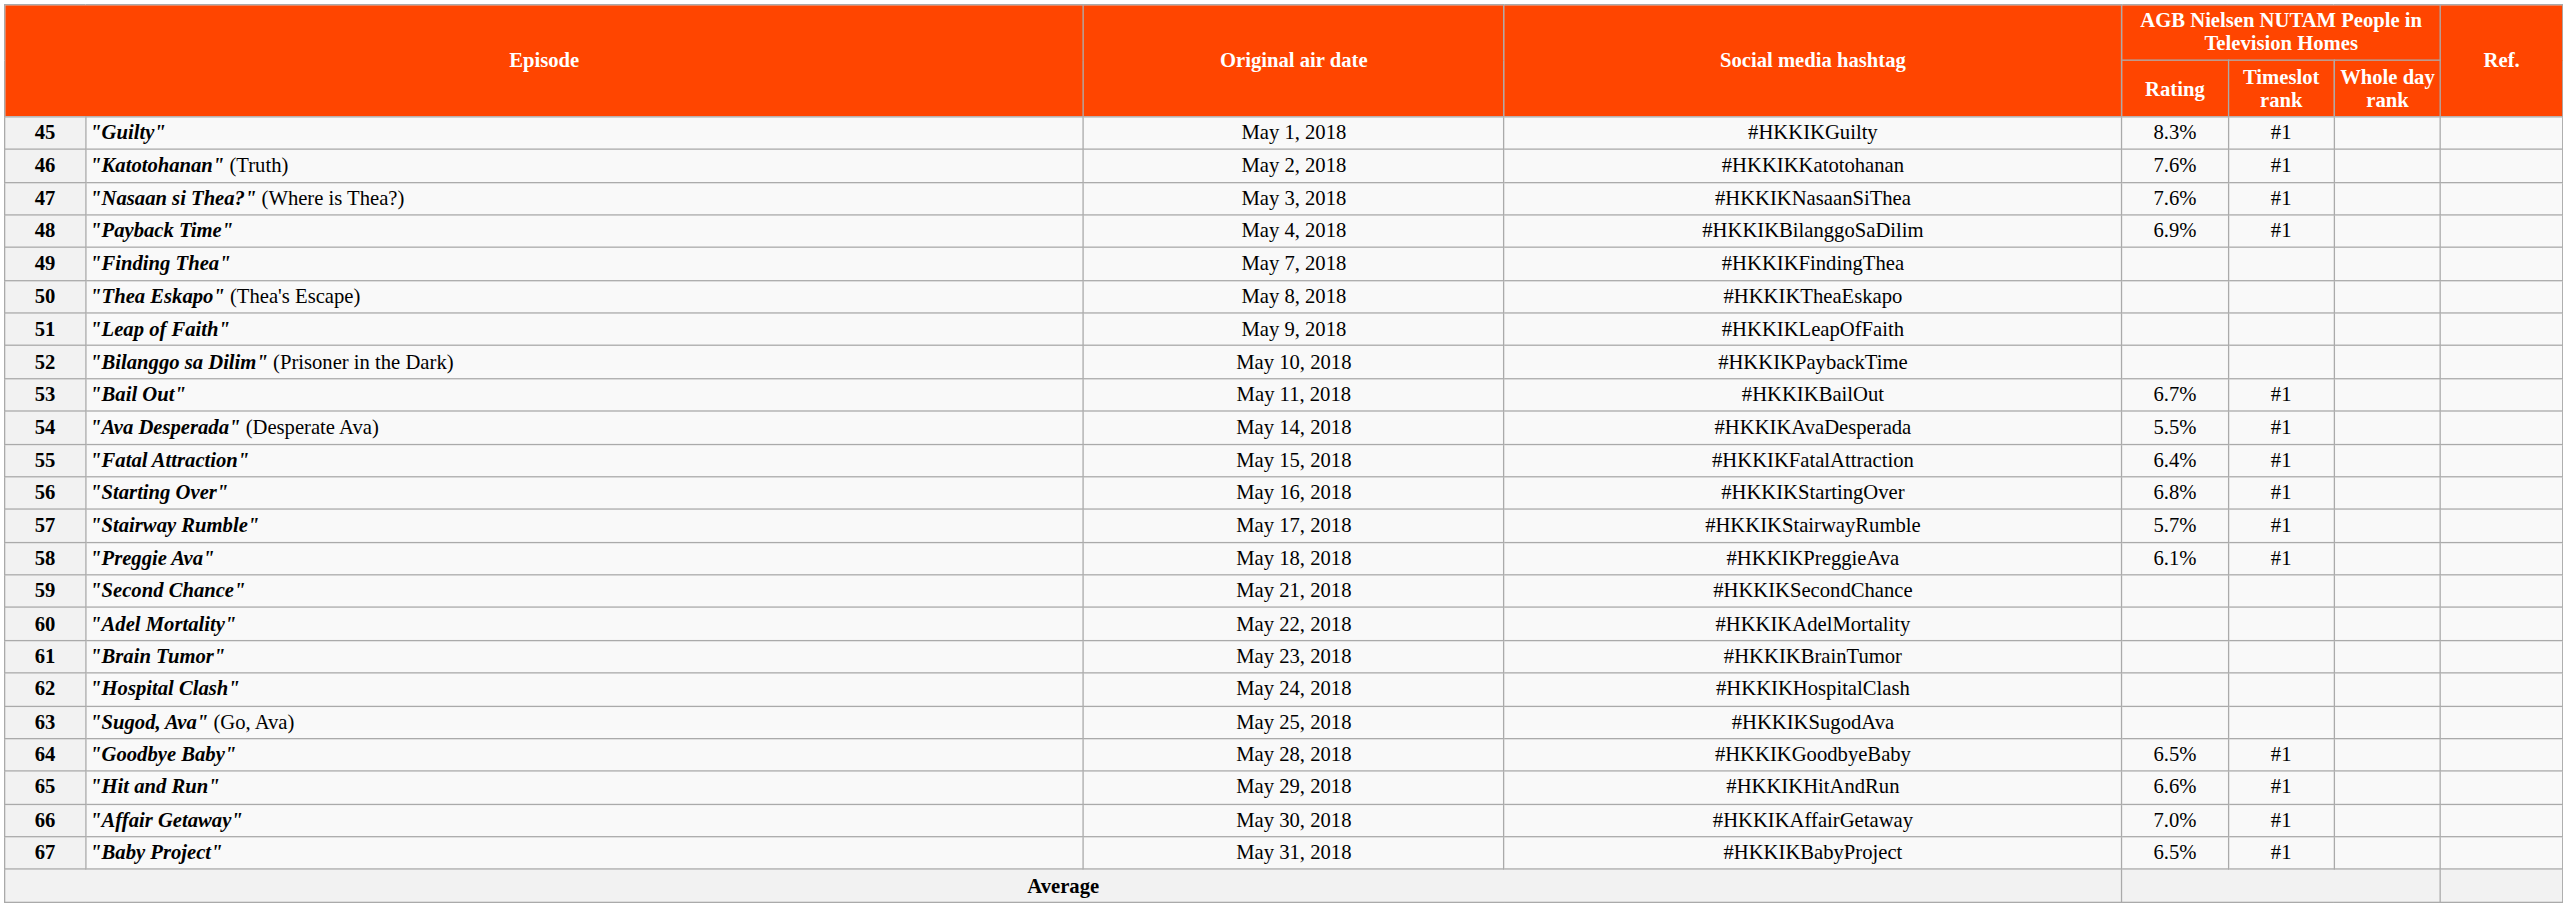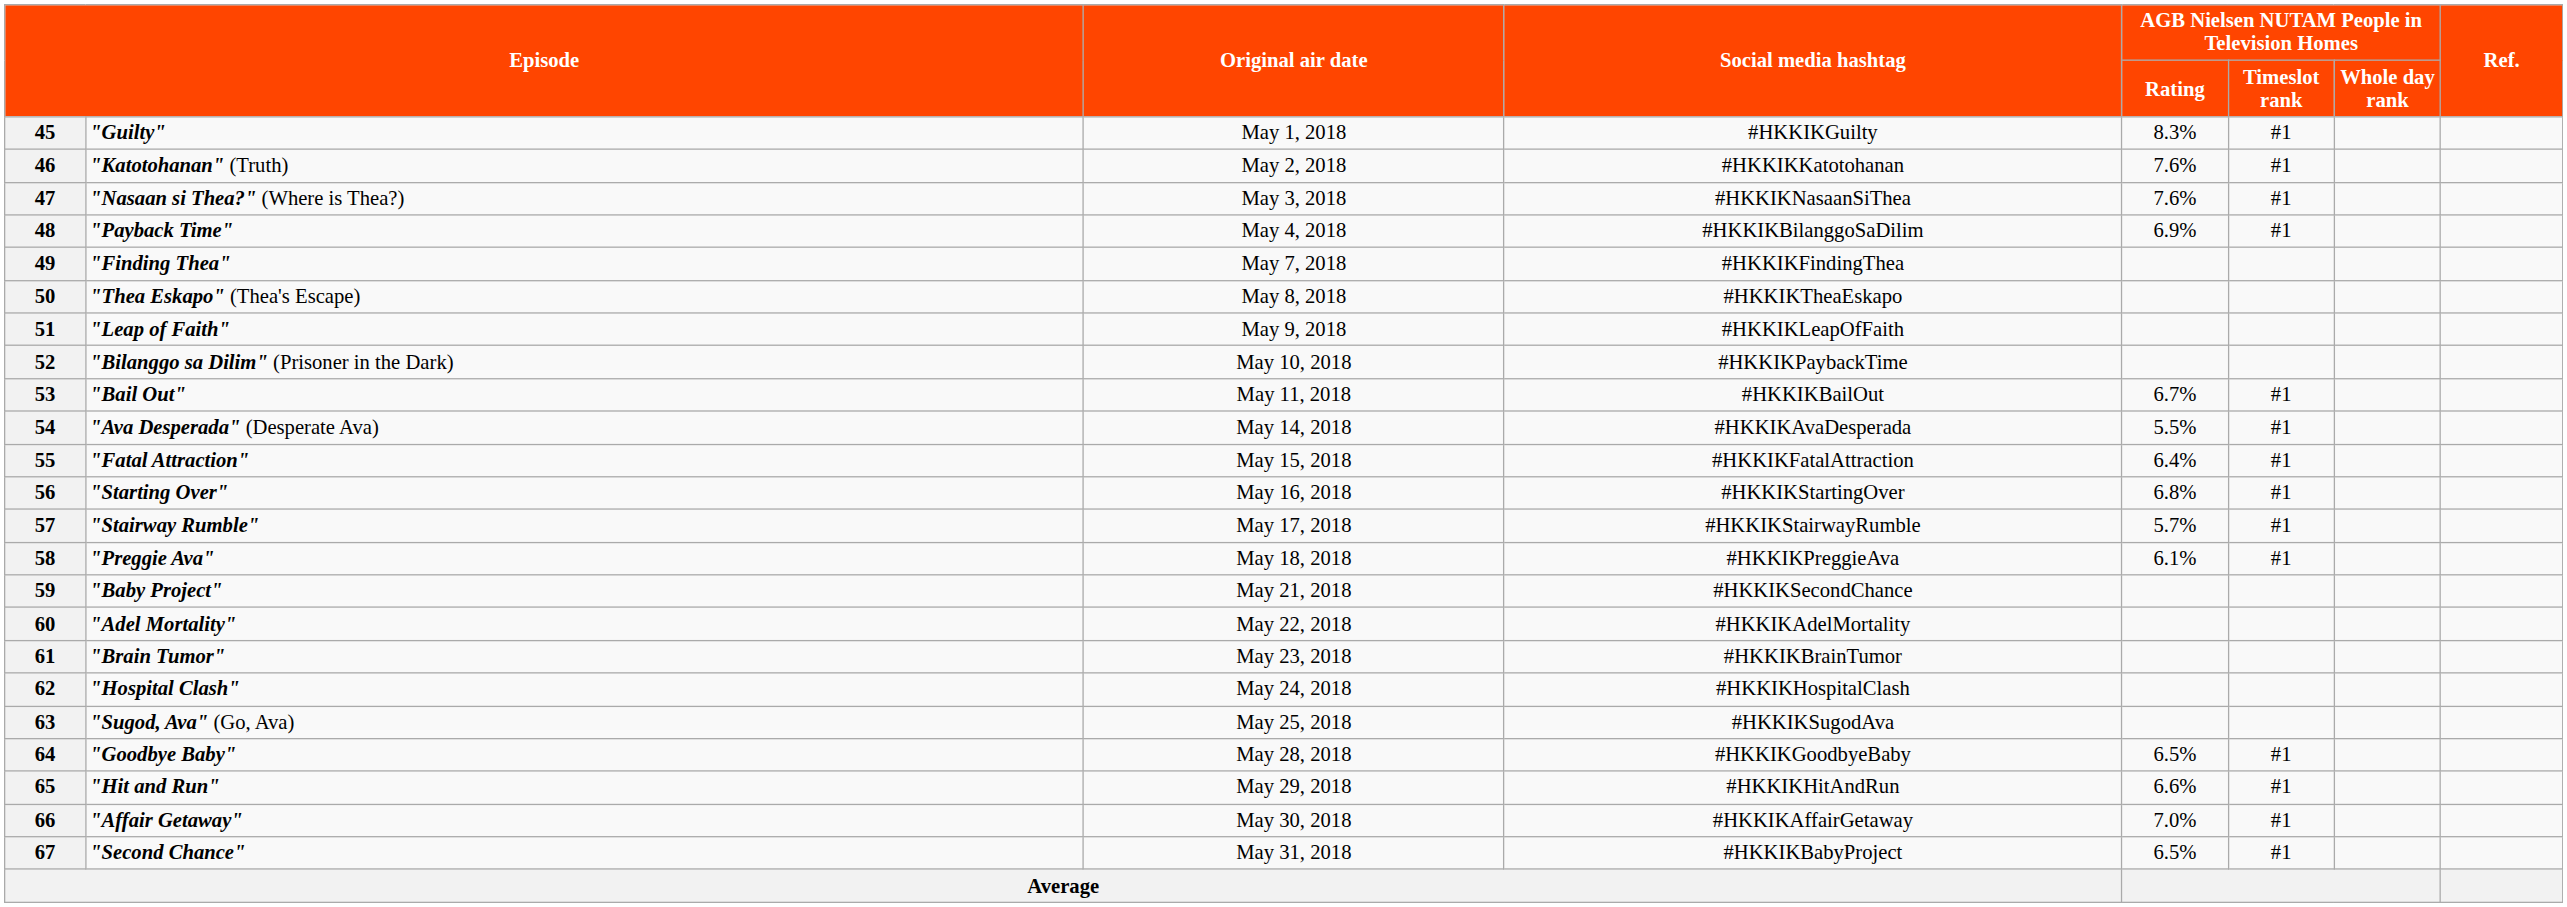 <table class="wikitable" style="text-align:center; font-size:100%; line-height:18px;" width="100%">
 <tr>
 <th style="background-color:#FF4500; color:#ffffff;" colspan="2" rowspan="2">Episode</th>
 <th style="background-color:#FF4500; color:white" rowspan="2">Original air date</th>
 <th style="background-color:#FF4500; color:white" rowspan="2">Social media hashtag</th>
 <th style="background-color:#FF4500; color:#ffffff;" colspan="3">AGB Nielsen NUTAM People in Television Homes</th>
 <th style="background-color:#FF4500; color:#ffffff;" rowspan="2">Ref.</th>
 </tr>
 <tr>
 <th style="background-color:#FF4500; width:75px; color:#ffffff;">Rating</th>
 <th style="background-color:#FF4500; width:75px; color:#ffffff;">Timeslot<br>rank</th>
 <th style="background-color:#FF4500; width:75px; color:#ffffff;">Whole day<br>rank</th>
 </tr>
 <tr>
 <th>45</th>
 <td style="text-align: left;"><strong><em>"Guilty"</em></strong></td>
 <td>May 1, 2018</td>
 <td>#HKKIKGuilty</td>
 <td>8.3%</td>
 <td>#1</td>
 <td></td>
 <td></td>
 </tr>
 <tr>
 <th>46</th>
 <td style="text-align: left;"><strong><em>"Katotohanan"</em></strong> (Truth)</td>
 <td>May 2, 2018</td>
 <td>#HKKIKKatotohanan</td>
 <td>7.6%</td>
 <td>#1</td>
 <td></td>
 <td></td>
 </tr>
 <tr>
 <th>47</th>
 <td style="text-align: left;"><strong><em>"Nasaan si Thea?"</em></strong> (Where is Thea?)</td>
 <td>May 3, 2018</td>
 <td>#HKKIKNasaanSiThea</td>
 <td>7.6%</td>
 <td>#1</td>
 <td></td>
 <td></td>
 </tr>
 <tr>
 <th>48</th>
 <td style="text-align: left;"><strong><em>"Payback Time"</em></strong></td>
 <td>May 4, 2018</td>
 <td>#HKKIKBilanggoSaDilim</td>
 <td>6.9%</td>
 <td>#1</td>
 <td></td>
 <td></td>
 </tr>
 <tr>
 <th>49</th>
 <td style="text-align: left;"><strong><em>"Finding Thea"</em></strong></td>
 <td>May 7, 2018</td>
 <td>#HKKIKFindingThea</td>
 <td></td>
 <td></td>
 <td></td>
 <td></td>
 </tr>
 <tr>
 <th>50</th>
 <td style="text-align: left;"><strong><em>"Thea Eskapo"</em></strong> (Thea's Escape)</td>
 <td>May 8, 2018</td>
 <td>#HKKIKTheaEskapo</td>
 <td></td>
 <td></td>
 <td></td>
 <td></td>
 </tr>
 <tr>
 <th>51</th>
 <td style="text-align: left;"><strong><em>"Leap of Faith"</em></strong></td>
 <td>May 9, 2018</td>
 <td>#HKKIKLeapOfFaith</td>
 <td></td>
 <td></td>
 <td></td>
 <td></td>
 </tr>
 <tr>
 <th>52</th>
 <td style="text-align: left;"><strong><em>"Bilanggo sa Dilim"</em></strong> (Prisoner in the Dark)</td>
 <td>May 10, 2018</td>
 <td>#HKKIKPaybackTime</td>
 <td></td>
 <td></td>
 <td></td>
 <td></td>
 </tr>
 <tr>
 <th>53</th>
 <td style="text-align: left;"><strong><em>"Bail Out"</em></strong></td>
 <td>May 11, 2018</td>
 <td>#HKKIKBailOut</td>
 <td>6.7%</td>
 <td>#1</td>
 <td></td>
 <td></td>
 </tr>
 <tr>
 <th>54</th>
 <td style="text-align: left;"><strong><em>"Ava Desperada"</em></strong> (Desperate Ava)</td>
 <td>May 14, 2018</td>
 <td>#HKKIKAvaDesperada</td>
 <td>5.5%</td>
 <td>#1</td>
 <td></td>
 <td></td>
 </tr>
 <tr>
 <th>55</th>
 <td style="text-align: left;"><strong><em>"Fatal Attraction"</em></strong></td>
 <td>May 15, 2018</td>
 <td>#HKKIKFatalAttraction</td>
 <td>6.4%</td>
 <td>#1</td>
 <td></td>
 <td></td>
 </tr>
 <tr>
 <th>56</th>
 <td style="text-align: left;"><strong><em>"Starting Over"</em></strong></td>
 <td>May 16, 2018</td>
 <td>#HKKIKStartingOver</td>
 <td>6.8%</td>
 <td>#1</td>
 <td></td>
 <td></td>
 </tr>
 <tr>
 <th>57</th>
 <td style="text-align: left;"><strong><em>"Stairway Rumble"</em></strong></td>
 <td>May 17, 2018</td>
 <td>#HKKIKStairwayRumble</td>
 <td>5.7%</td>
 <td>#1</td>
 <td></td>
 <td></td>
 </tr>
 <tr>
 <th>58</th>
 <td style="text-align: left;"><strong><em>"Preggie Ava"</em></strong></td>
 <td>May 18, 2018</td>
 <td>#HKKIKPreggieAva</td>
 <td>6.1%</td>
 <td>#1</td>
 <td></td>
 <td></td>
 </tr>
 <tr>
 <th>59</th>
-<td style="text-align: left;"><strong><em>"Second Chance"</em></strong></td>
+<td style="text-align: left;"><strong><em>"Baby Project"</em></strong></td>
 <td>May 21, 2018</td>
 <td>#HKKIKSecondChance</td>
 <td></td>
 <td></td>
 <td></td>
 <td></td>
 </tr>
 <tr>
 <th>60</th>
 <td style="text-align: left;"><strong><em>"Adel Mortality"</em></strong></td>
 <td>May 22, 2018</td>
 <td>#HKKIKAdelMortality</td>
 <td></td>
 <td></td>
 <td></td>
 <td></td>
 </tr>
 <tr>
 <th>61</th>
 <td style="text-align: left;"><strong><em>"Brain Tumor"</em></strong></td>
 <td>May 23, 2018</td>
 <td>#HKKIKBrainTumor</td>
 <td></td>
 <td></td>
 <td></td>
 <td></td>
 </tr>
 <tr>
 <th>62</th>
 <td style="text-align: left;"><strong><em>"Hospital Clash"</em></strong></td>
 <td>May 24, 2018</td>
 <td>#HKKIKHospitalClash</td>
 <td></td>
 <td></td>
 <td></td>
 <td></td>
 </tr>
 <tr>
 <th>63</th>
 <td style="text-align: left;"><strong><em>"Sugod, Ava"</em></strong> (Go, Ava)</td>
 <td>May 25, 2018</td>
 <td>#HKKIKSugodAva</td>
 <td></td>
 <td></td>
 <td></td>
 <td></td>
 </tr>
 <tr>
 <th>64</th>
 <td style="text-align: left;"><strong><em>"Goodbye Baby"</em></strong></td>
 <td>May 28, 2018</td>
 <td>#HKKIKGoodbyeBaby</td>
 <td>6.5%</td>
 <td>#1</td>
 <td></td>
 <td></td>
 </tr>
 <tr>
 <th>65</th>
 <td style="text-align: left;"><strong><em>"Hit and Run"</em></strong></td>
 <td>May 29, 2018</td>
 <td>#HKKIKHitAndRun</td>
 <td>6.6%</td>
 <td>#1</td>
 <td></td>
 <td></td>
 </tr>
 <tr>
 <th>66</th>
 <td style="text-align: left;"><strong><em>"Affair Getaway"</em></strong></td>
 <td>May 30, 2018</td>
 <td>#HKKIKAffairGetaway</td>
 <td>7.0%</td>
 <td>#1</td>
 <td></td>
 <td></td>
 </tr>
 <tr>
 <th>67</th>
-<td style="text-align: left;"><strong><em>"Baby Project"</em></strong></td>
+<td style="text-align: left;"><strong><em>"Second Chance"</em></strong></td>
 <td>May 31, 2018</td>
 <td>#HKKIKBabyProject</td>
 <td>6.5%</td>
 <td>#1</td>
 <td></td>
 <td></td>
 </tr>
 <tr>
 <th colspan="4">Average</th>
 <th colspan="3"></th>
 <th></th>
 </tr>
 <tr>
 </tr>
 </table>
